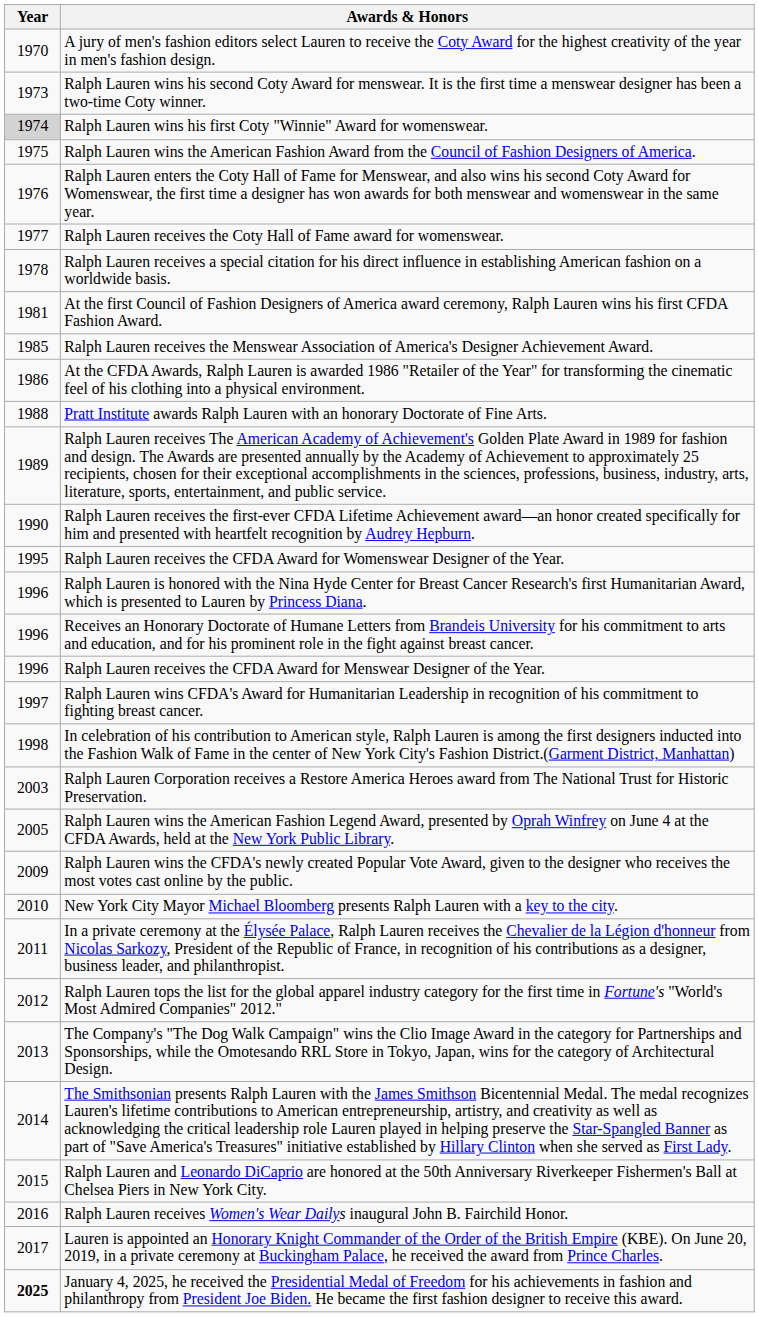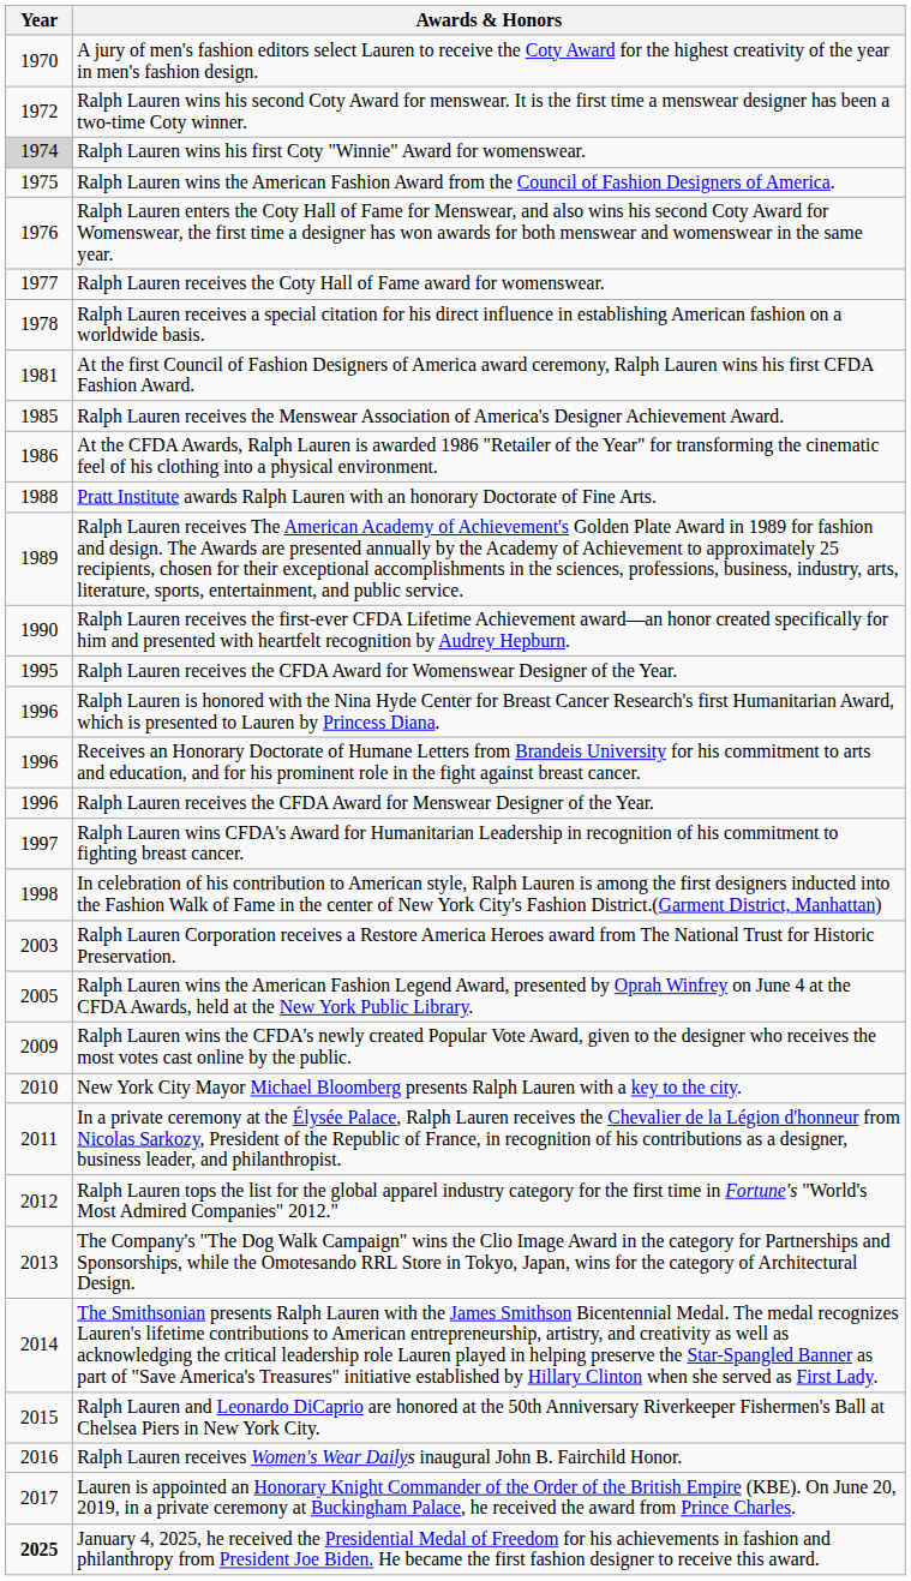 <table class="sortable wikitable plainrowheaders">
 <tr>
 <th scope="col" width=50>Year</th>
 <th scope="col" width=700>Awards & Honors</th>
 </tr>
 <tr>
 <td align=center>1970</td>
 <td>A jury of men's fashion editors select Lauren to receive the <a href='#'>Coty Award</a> for the highest creativity of the year in men's fashion design.</td>
 </tr>
 <tr>
-<td align=center>1973</td>
+<td align=center>1972</td>
 <td>Ralph Lauren wins his second Coty Award for menswear. It is the first time a menswear designer has been a two-time Coty winner.</td>
 </tr>
 <tr>
 <td align=center style="background: lightgrey;">1974</td>
 <td>Ralph Lauren wins his first Coty "Winnie" Award for womenswear.</td>
 </tr>
 <tr>
 <td align=center>1975</td>
 <td>Ralph Lauren wins the American Fashion Award from the <a href='#'>Council of Fashion Designers of America</a>.</td>
 </tr>
 <tr>
 <td align=center>1976</td>
 <td>Ralph Lauren enters the Coty Hall of Fame for Menswear, and also wins his second Coty Award for Womenswear, the first time a designer has won awards for both menswear and womenswear in the same year.</td>
 </tr>
 <tr>
 <td align=center>1977</td>
 <td>Ralph Lauren receives the Coty Hall of Fame award for womenswear.</td>
 </tr>
 <tr>
 <td align=center>1978</td>
 <td>Ralph Lauren receives a special citation for his direct influence in establishing American fashion on a worldwide basis.</td>
 </tr>
 <tr>
 <td align=center>1981</td>
 <td>At the first Council of Fashion Designers of America award ceremony, Ralph Lauren wins his first CFDA Fashion Award.</td>
 </tr>
 <tr>
 <td align=center>1985</td>
 <td>Ralph Lauren receives the Menswear Association of America's Designer Achievement Award.</td>
 </tr>
 <tr>
 <td align=center>1986</td>
 <td>At the CFDA Awards, Ralph Lauren is awarded 1986 "Retailer of the Year" for transforming the cinematic feel of his clothing into a physical environment.</td>
 </tr>
 <tr>
 <td align=center>1988</td>
 <td><a href='#'>Pratt Institute</a> awards Ralph Lauren with an honorary Doctorate of Fine Arts.</td>
 </tr>
 <tr>
 <td align=center>1989</td>
 <td>Ralph Lauren receives The <a href='#'>American Academy of Achievement's</a> Golden Plate Award in 1989 for fashion and design. The Awards are presented annually by the Academy of Achievement to approximately 25 recipients, chosen for their exceptional accomplishments in the sciences, professions, business, industry, arts, literature, sports, entertainment, and public service.</td>
 </tr>
 <tr>
 <td align=center>1990</td>
 <td>Ralph Lauren receives the first-ever CFDA Lifetime Achievement award—an honor created specifically for him and presented with heartfelt recognition by <a href='#'>Audrey Hepburn</a>.</td>
 </tr>
 <tr>
 <td align=center>1995</td>
 <td>Ralph Lauren receives the CFDA Award for Womenswear Designer of the Year.</td>
 </tr>
 <tr>
 <td align=center>1996</td>
 <td>Ralph Lauren is honored with the Nina Hyde Center for Breast Cancer Research's first Humanitarian Award, which is presented to Lauren by <a href='#'>Princess Diana</a>.</td>
 </tr>
 <tr>
 <td align=center>1996</td>
 <td>Receives an Honorary Doctorate of Humane Letters from <a href='#'>Brandeis University</a> for his commitment to arts and education, and for his prominent role in the fight against breast cancer.</td>
 </tr>
 <tr>
 <td align=center>1996</td>
 <td>Ralph Lauren receives the CFDA Award for Menswear Designer of the Year.</td>
 </tr>
 <tr>
 <td align=center>1997</td>
 <td>Ralph Lauren wins CFDA's Award for Humanitarian Leadership in recognition of his commitment to fighting breast cancer.</td>
 </tr>
 <tr>
 <td align=center>1998</td>
 <td>In celebration of his contribution to American style, Ralph Lauren is among the first designers inducted into the Fashion Walk of Fame in the center of New York City's Fashion District.(<a href='#'>Garment District, Manhattan</a>)</td>
 </tr>
 <tr>
 <td align=center>2003</td>
 <td>Ralph Lauren Corporation receives a Restore America Heroes award from The National Trust for Historic Preservation.</td>
 </tr>
 <tr>
 <td align=center>2005</td>
 <td>Ralph Lauren wins the American Fashion Legend Award, presented by <a href='#'>Oprah Winfrey</a> on June 4 at the CFDA Awards, held at the <a href='#'>New York Public Library</a>.</td>
 </tr>
 <tr>
 <td align=center>2009</td>
 <td>Ralph Lauren wins the CFDA's newly created Popular Vote Award, given to the designer who receives the most votes cast online by the public.</td>
 </tr>
 <tr>
 <td align=center>2010</td>
 <td>New York City Mayor <a href='#'>Michael Bloomberg</a> presents Ralph Lauren with a <a href='#'>key to the city</a>.</td>
 </tr>
 <tr>
 <td align=center>2011</td>
 <td>In a private ceremony at the <a href='#'>Élysée Palace</a>, Ralph Lauren receives the <a href='#'>Chevalier de la Légion d'honneur</a> from <a href='#'>Nicolas Sarkozy</a>, President of the Republic of France, in recognition of his contributions as a designer, business leader, and philanthropist.</td>
 </tr>
 <tr>
 <td align=center>2012</td>
 <td>Ralph Lauren tops the list for the global apparel industry category for the first time in <em><a href='#'>Fortune</a>'s</em> "World's Most Admired Companies" 2012."</td>
 </tr>
 <tr>
 <td align=center>2013</td>
 <td>The Company's "The Dog Walk Campaign" wins the Clio Image Award in the category for Partnerships and Sponsorships, while the Omotesando RRL Store in Tokyo, Japan, wins for the category of Architectural Design.</td>
 </tr>
 <tr>
 <td align=center>2014</td>
 <td><a href='#'>The Smithsonian</a> presents Ralph Lauren with the <a href='#'>James Smithson</a> Bicentennial Medal. The medal recognizes Lauren's lifetime contributions to American entrepreneurship, artistry, and creativity as well as acknowledging the critical leadership role Lauren played in helping preserve the <a href='#'>Star-Spangled Banner</a> as part of "Save America's Treasures" initiative established by <a href='#'>Hillary Clinton</a> when she served as <a href='#'>First Lady</a>.</td>
 </tr>
 <tr>
 <td align=center>2015</td>
 <td>Ralph Lauren and <a href='#'>Leonardo DiCaprio</a> are honored at the 50th Anniversary Riverkeeper Fishermen's Ball at Chelsea Piers in New York City.</td>
 </tr>
 <tr>
 <td align=center>2016</td>
 <td>Ralph Lauren receives <em><a href='#'>Women's Wear Daily</a>s</em> inaugural John B. Fairchild Honor.</td>
 </tr>
 <tr>
 <td align=center>2017</td>
 <td>Lauren is appointed an <a href='#'>Honorary Knight Commander of the Order of the British Empire</a> (KBE). On June 20, 2019, in a private ceremony at <a href='#'>Buckingham Palace</a>, he received the award from <a href='#'>Prince Charles</a>.</td>
 </tr>
 <tr>
 <td align=center><strong>2025</strong></td>
 <td>January 4, 2025, he received the <a href='#'>Presidential Medal of Freedom</a> for his achievements in fashion and philanthropy from <a href='#'>President Joe Biden.</a> He became the first fashion designer to receive this award.</td>
 </tr>
 </table>
